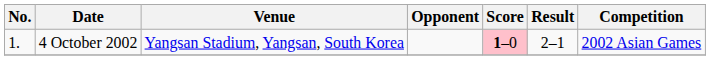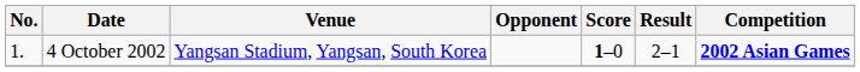 <table class="wikitable">
 <tr>
 <th>No.</th>
 <th>Date</th>
 <th>Venue</th>
 <th>Opponent</th>
 <th>Score</th>
 <th>Result</th>
 <th>Competition</th>
 </tr>
 <tr>
 <td>1.</td>
 <td>4 October 2002</td>
 <td><a href='#'>Yangsan Stadium</a>, <a href='#'>Yangsan</a>, <a href='#'>South Korea</a></td>
 <td></td>
-<td align=center style="background: pink;"><strong>1</strong>–0</td>
+<td align=center><strong>1</strong>–0</td>
 <td align=center>2–1</td>
-<td><a href='#'>2002 Asian Games</a></td>
+<td><strong><a href='#'>2002 Asian Games</a></strong></td>
 </tr>
 <tr>
 </tr>
 </table>
